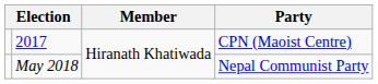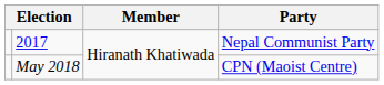 <table class="wikitable">
 <tr>
 <th colspan="2">Election</th>
 <th>Member</th>
 <th>Party</th>
 </tr>
 <tr>
 <td style="background-color:"></td>
 <td><a href='#'>2017</a></td>
 <td rowspan="2">Hiranath Khatiwada</td>
-<td><a href='#'>CPN (Maoist Centre)</a></td>
+<td><a href='#'>Nepal Communist Party</a></td>
 </tr>
 <tr>
 <td style="background-color:"></td>
 <td><em>May 2018</em></td>
-<td><a href='#'>Nepal Communist Party</a></td>
+<td><a href='#'>CPN (Maoist Centre)</a></td>
 </tr>
 </table>
